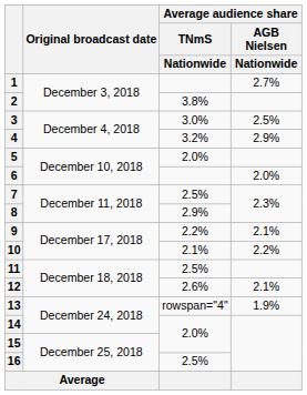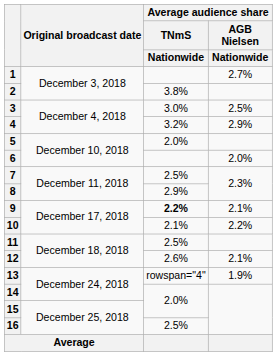 <table class="wikitable" style="text-align:center">
 <tr>
 <th rowspan="3"></th>
 <th rowspan="3">Original broadcast date</th>
 <th colspan="2">Average audience share</th>
 </tr>
 <tr>
 <th>TNmS</th>
 <th>AGB Nielsen</th>
 </tr>
 <tr>
 <th width="90">Nationwide</th>
 <th width="90">Nationwide</th>
 </tr>
 <tr>
 <th>1</th>
 <td rowspan="2">December 3, 2018</td>
 <td></td>
 <td>2.7%</td>
 </tr>
 <tr>
 <th>2</th>
 <td>3.8%</td>
 <td></td>
 </tr>
 <tr>
 <th>3</th>
 <td rowspan="2">December 4, 2018</td>
 <td>3.0%</td>
 <td>2.5%</td>
 </tr>
 <tr>
 <th>4</th>
 <td>3.2%</td>
 <td>2.9%</td>
 </tr>
 <tr>
 <th>5</th>
 <td rowspan="2">December 10, 2018</td>
 <td>2.0%</td>
 <td></td>
 </tr>
 <tr>
 <th>6</th>
 <td></td>
 <td>2.0%</td>
 </tr>
 <tr>
 <th>7</th>
 <td rowspan="2">December 11, 2018</td>
 <td>2.5%</td>
 <td rowspan="2">2.3%</td>
 </tr>
 <tr>
 <th>8</th>
 <td>2.9%</td>
 </tr>
 <tr>
 <th>9</th>
 <td rowspan="2">December 17, 2018</td>
-<td>2.2%</td>
+<td><strong>2.2%</strong></td>
 <td>2.1%</td>
 </tr>
 <tr>
 <th>10</th>
 <td>2.1%</td>
 <td>2.2%</td>
 </tr>
 <tr>
 <th>11</th>
 <td rowspan="2">December 18, 2018</td>
 <td>2.5%</td>
 <td></td>
 </tr>
 <tr>
 <th>12</th>
 <td>2.6%</td>
 <td>2.1%</td>
 </tr>
 <tr>
 <th>13</th>
 <td rowspan="2">December 24, 2018</td>
 <td>rowspan="4" </td>
 <td>1.9%</td>
 </tr>
 <tr>
 <th>14</th>
 <td rowspan="2">2.0%</td>
 </tr>
 <tr>
 <th>15</th>
 <td rowspan="2">December 25, 2018</td>
 </tr>
 <tr>
 <th>16</th>
 <td>2.5%</td>
 </tr>
 <tr>
 <th colspan="2">Average</th>
 <th></th>
 <th></th>
 </tr>
 </table>
